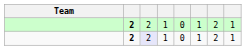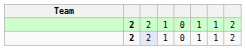 <table class="wikitable" style="text-align: center;">
 <tr>
 <th width=180>Team</th>
 <th width=20></th>
 <th width=20></th>
 <th width=20></th>
 <th width=20></th>
 <th width=20></th>
 <th width=20></th>
 <th width=20></th>
 </tr>
 <tr bgcolor=ccffcc>
 <td align=left></td>
 <td><strong>2</strong></td>
 <td>2</td>
 <td>1</td>
 <td>0</td>
 <td>1</td>
+<td>1</td>
 <td>2</td>
-<td>1</td>
 </tr>
 <tr>
 <td align=left></td>
 <td><strong>2</strong></td>
 <td style="background: lavender;">2</td>
 <td>1</td>
 <td>0</td>
 <td>1</td>
+<td>1</td>
 <td>2</td>
-<td>1</td>
 </tr>
 </table>
